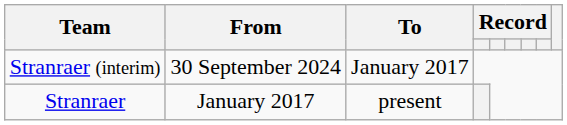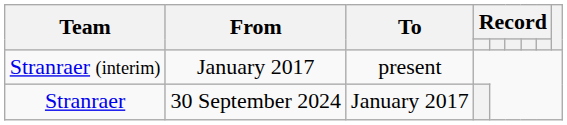 <table class=wikitable style="text-align: center">
 <tr>
 <th rowspan=2>Team</th>
 <th rowspan=2>From</th>
 <th rowspan=2>To</th>
 <th colspan=5>Record</th>
 <th rowspan=2></th>
 </tr>
 <tr>
 <th></th>
 <th></th>
 <th></th>
 <th></th>
 <th></th>
 </tr>
 <tr>
 <td align=centre><a href='#'>Stranraer</a> <small>(interim)</small></td>
-<td align=centre>30 September 2024</td>
-<td align=centre>January 2017<br></td>
+<td align=centre>January 2017</td>
+<td align=centre>present<br></td>
 </tr>
 <tr>
 <td align=centre><a href='#'>Stranraer</a></td>
-<td align=centre>January 2017</td>
-<td align=centre>present<br></td>
+<td align=centre>30 September 2024</td>
+<td align=centre>January 2017<br></td>
 <th></th>
 </tr>
 </table>
